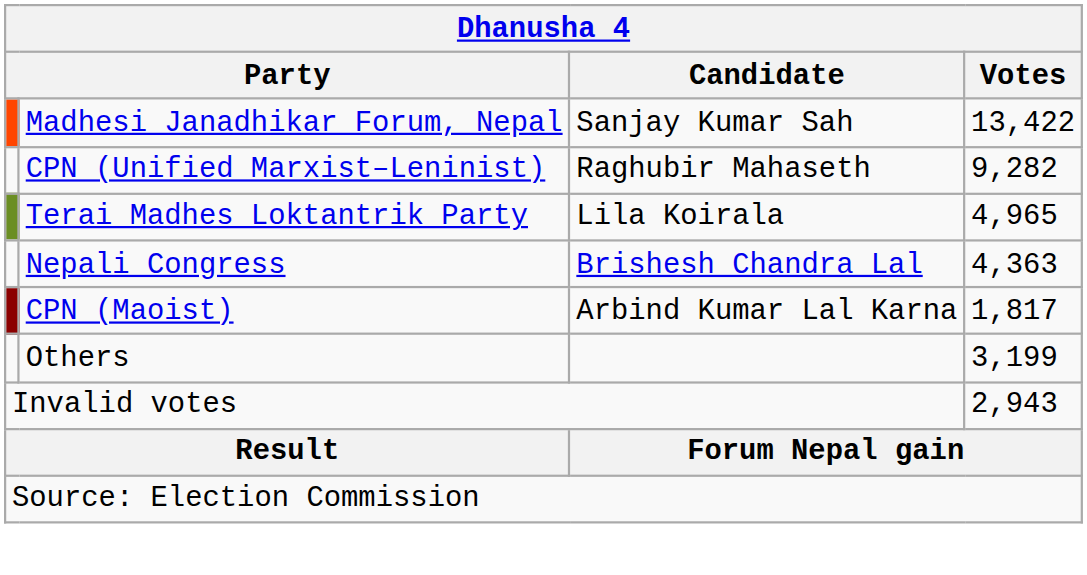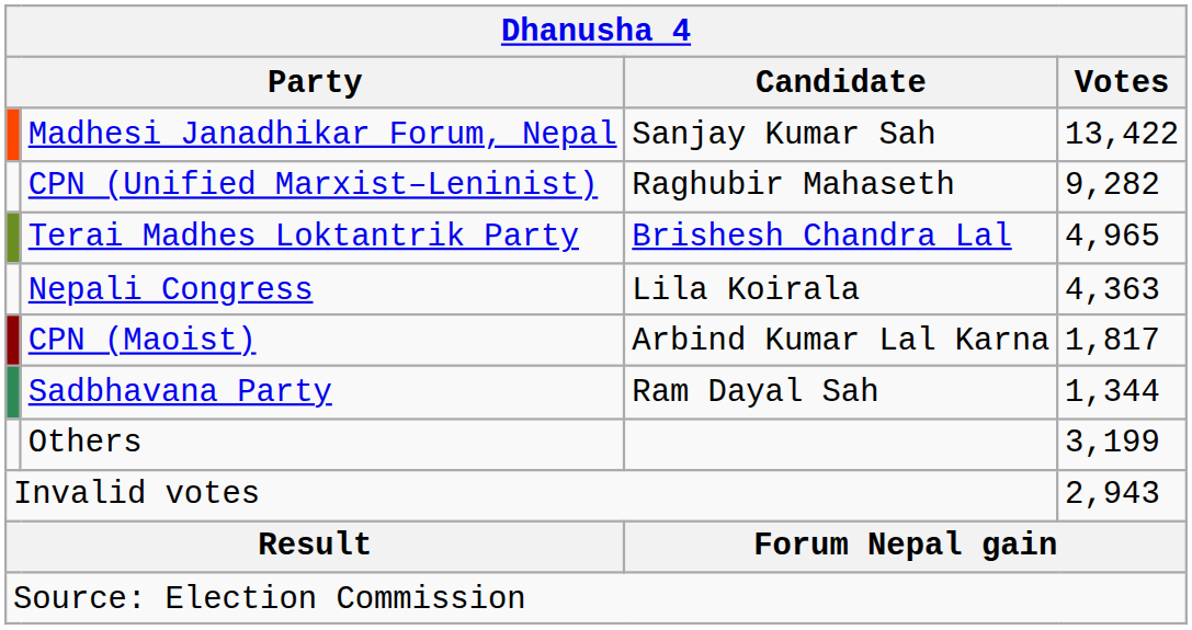 <table class="wikitable">
 <tr>
 <th colspan="4"><a href='#'>Dhanusha 4</a></th>
 </tr>
 <tr>
 <th colspan="2">Party</th>
 <th>Candidate</th>
 <th>Votes</th>
 </tr>
 <tr>
 <td style="background-color:orangered"></td>
 <td><a href='#'>Madhesi Janadhikar Forum, Nepal</a></td>
 <td>Sanjay Kumar Sah</td>
 <td>13,422</td>
 </tr>
 <tr>
 <td style="background-color:"></td>
 <td><a href='#'>CPN (Unified Marxist–Leninist)</a></td>
 <td>Raghubir Mahaseth</td>
 <td>9,282</td>
 </tr>
 <tr>
 <td style="background-color:olivedrab"></td>
 <td><a href='#'>Terai Madhes Loktantrik Party</a></td>
-<td>Lila Koirala</td>
+<td><a href='#'>Brishesh Chandra Lal</a></td>
 <td>4,965</td>
 </tr>
 <tr>
 <td style="background-color:"></td>
 <td><a href='#'>Nepali Congress</a></td>
-<td><a href='#'>Brishesh Chandra Lal</a></td>
+<td>Lila Koirala</td>
 <td>4,363</td>
 </tr>
 <tr>
 <td style="background-color:darkred"></td>
 <td><a href='#'>CPN (Maoist)</a></td>
 <td>Arbind Kumar Lal Karna</td>
 <td>1,817</td>
+</tr>
+<tr>
+<td style="background-color:seagreen"></td>
+<td><a href='#'>Sadbhavana Party</a></td>
+<td>Ram Dayal Sah</td>
+<td>1,344</td>
 </tr>
 <tr>
 <td></td>
 <td>Others</td>
 <td></td>
 <td>3,199</td>
 </tr>
 <tr>
 <td colspan="3">Invalid votes</td>
 <td>2,943</td>
 </tr>
 <tr>
 <th colspan="2">Result</th>
 <th colspan="2">Forum Nepal gain</th>
 </tr>
 <tr>
 <td colspan="4">Source: Election Commission</td>
 </tr>
 </table>
